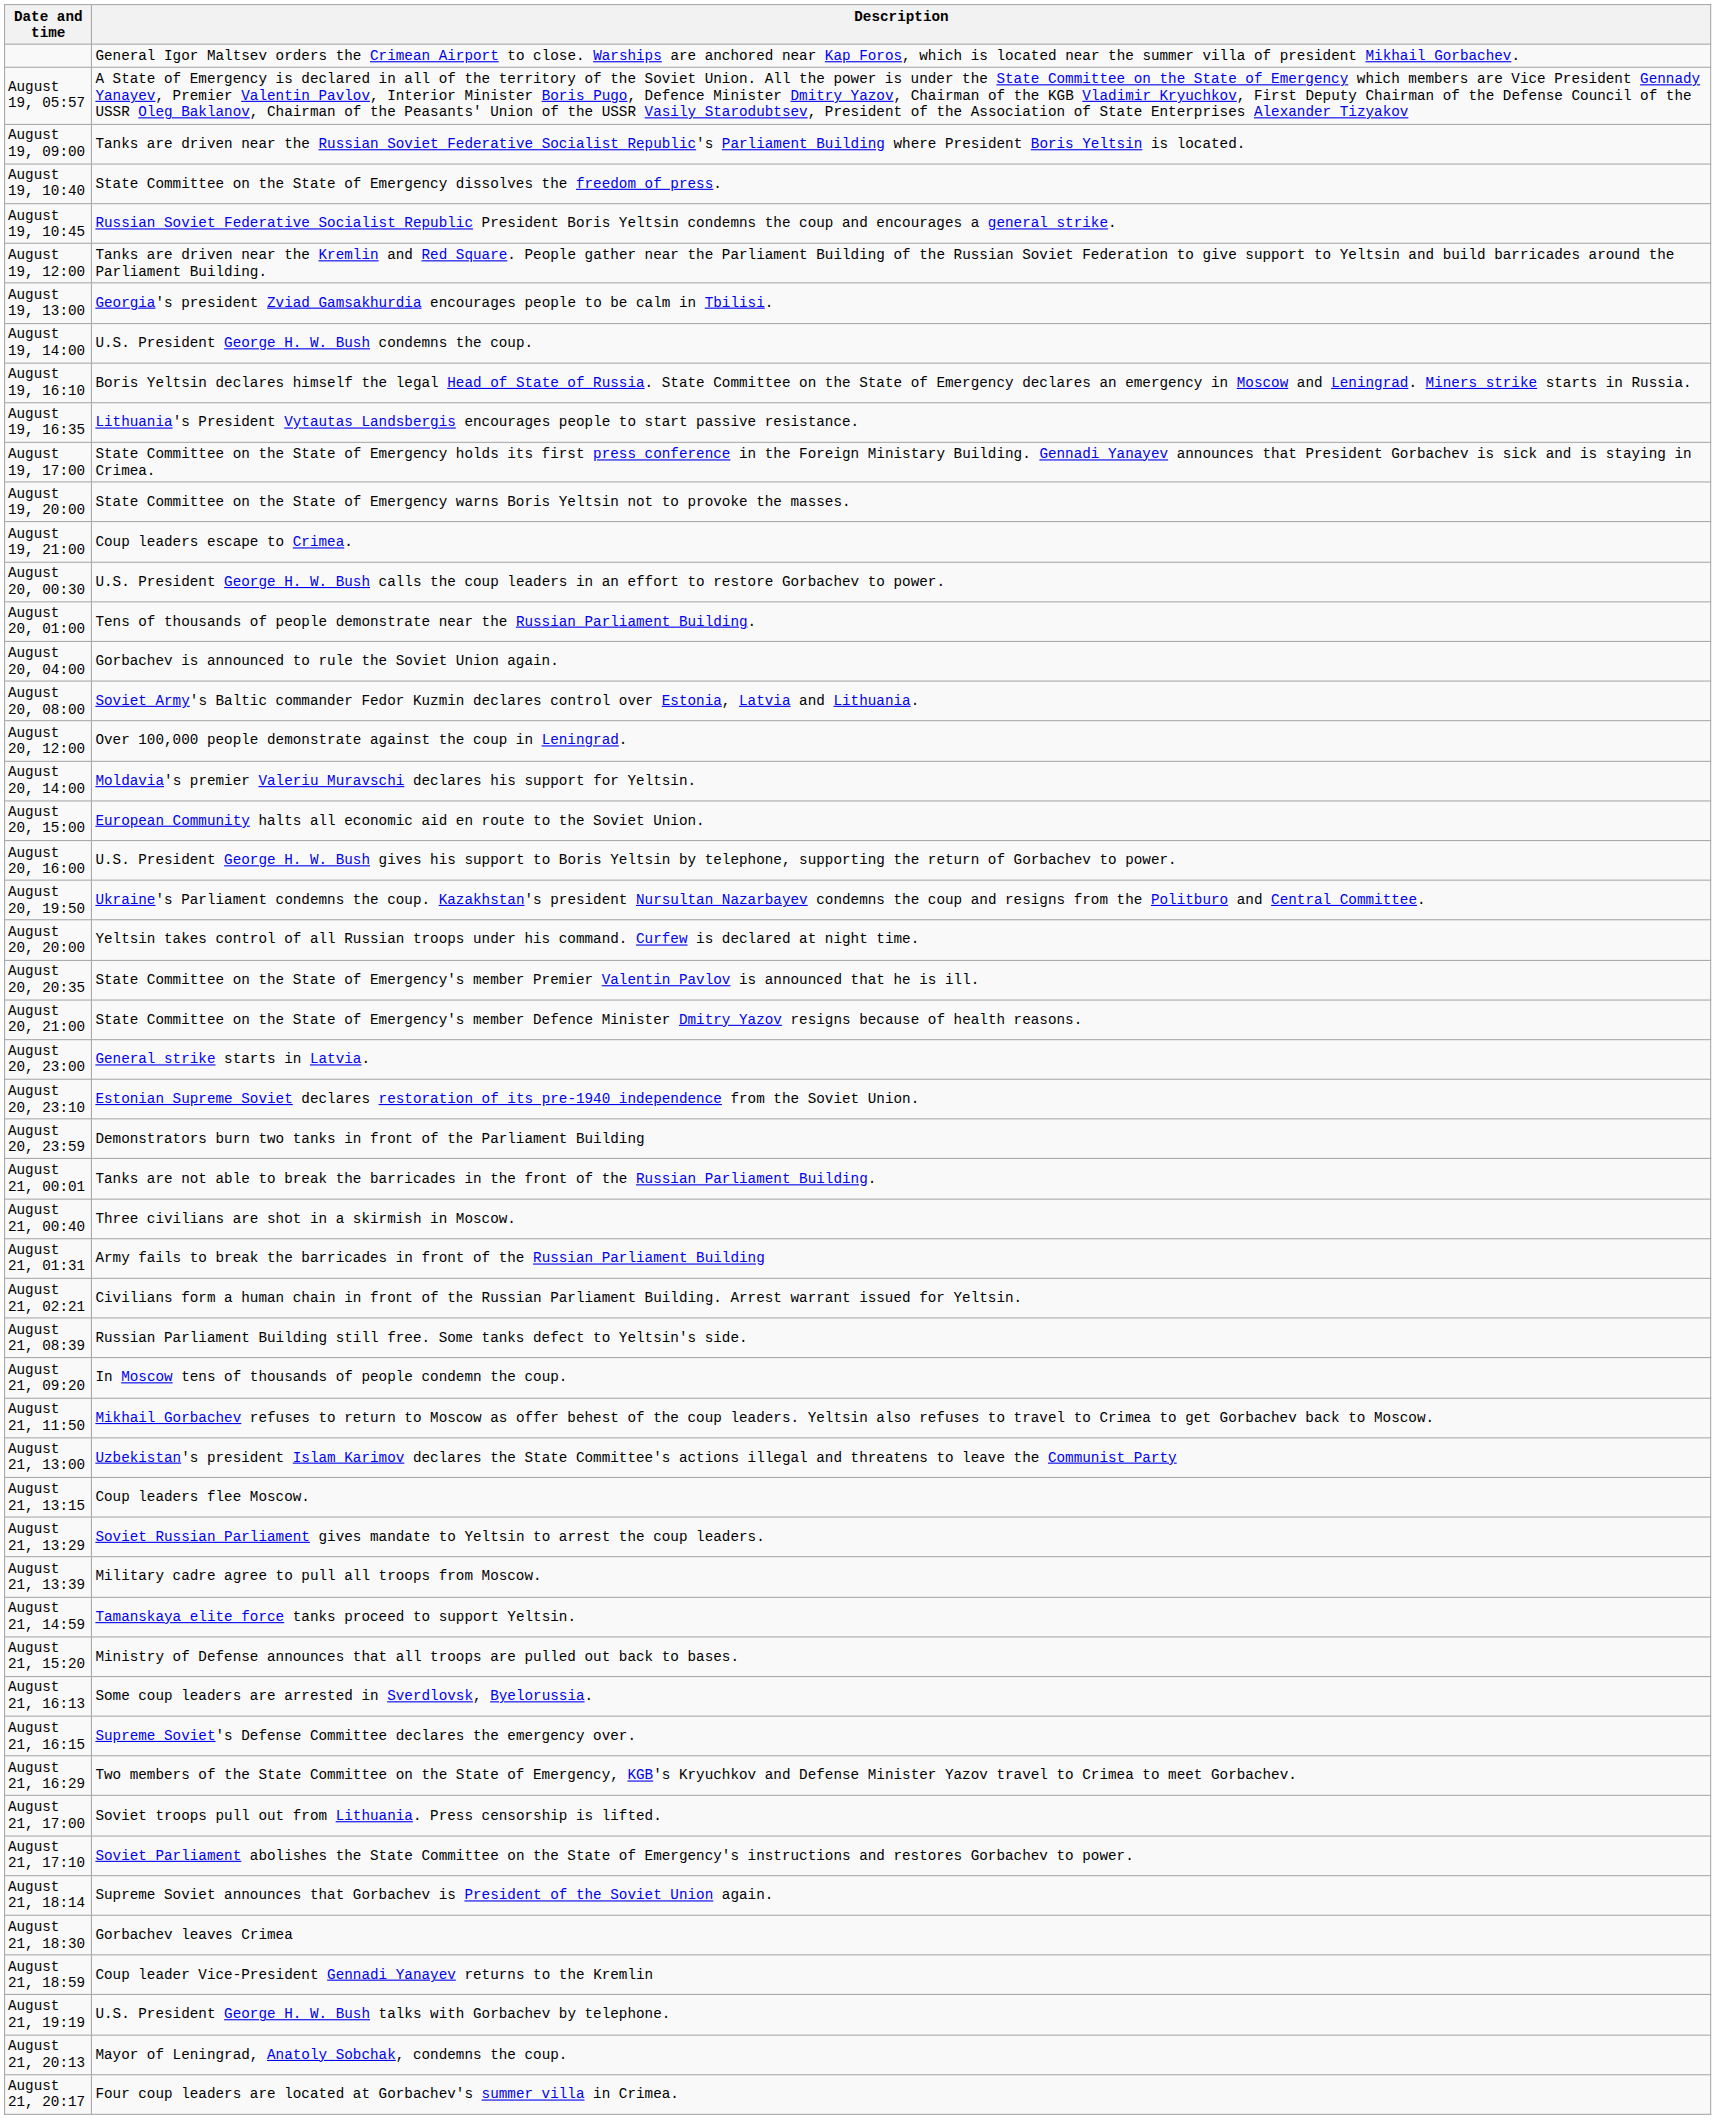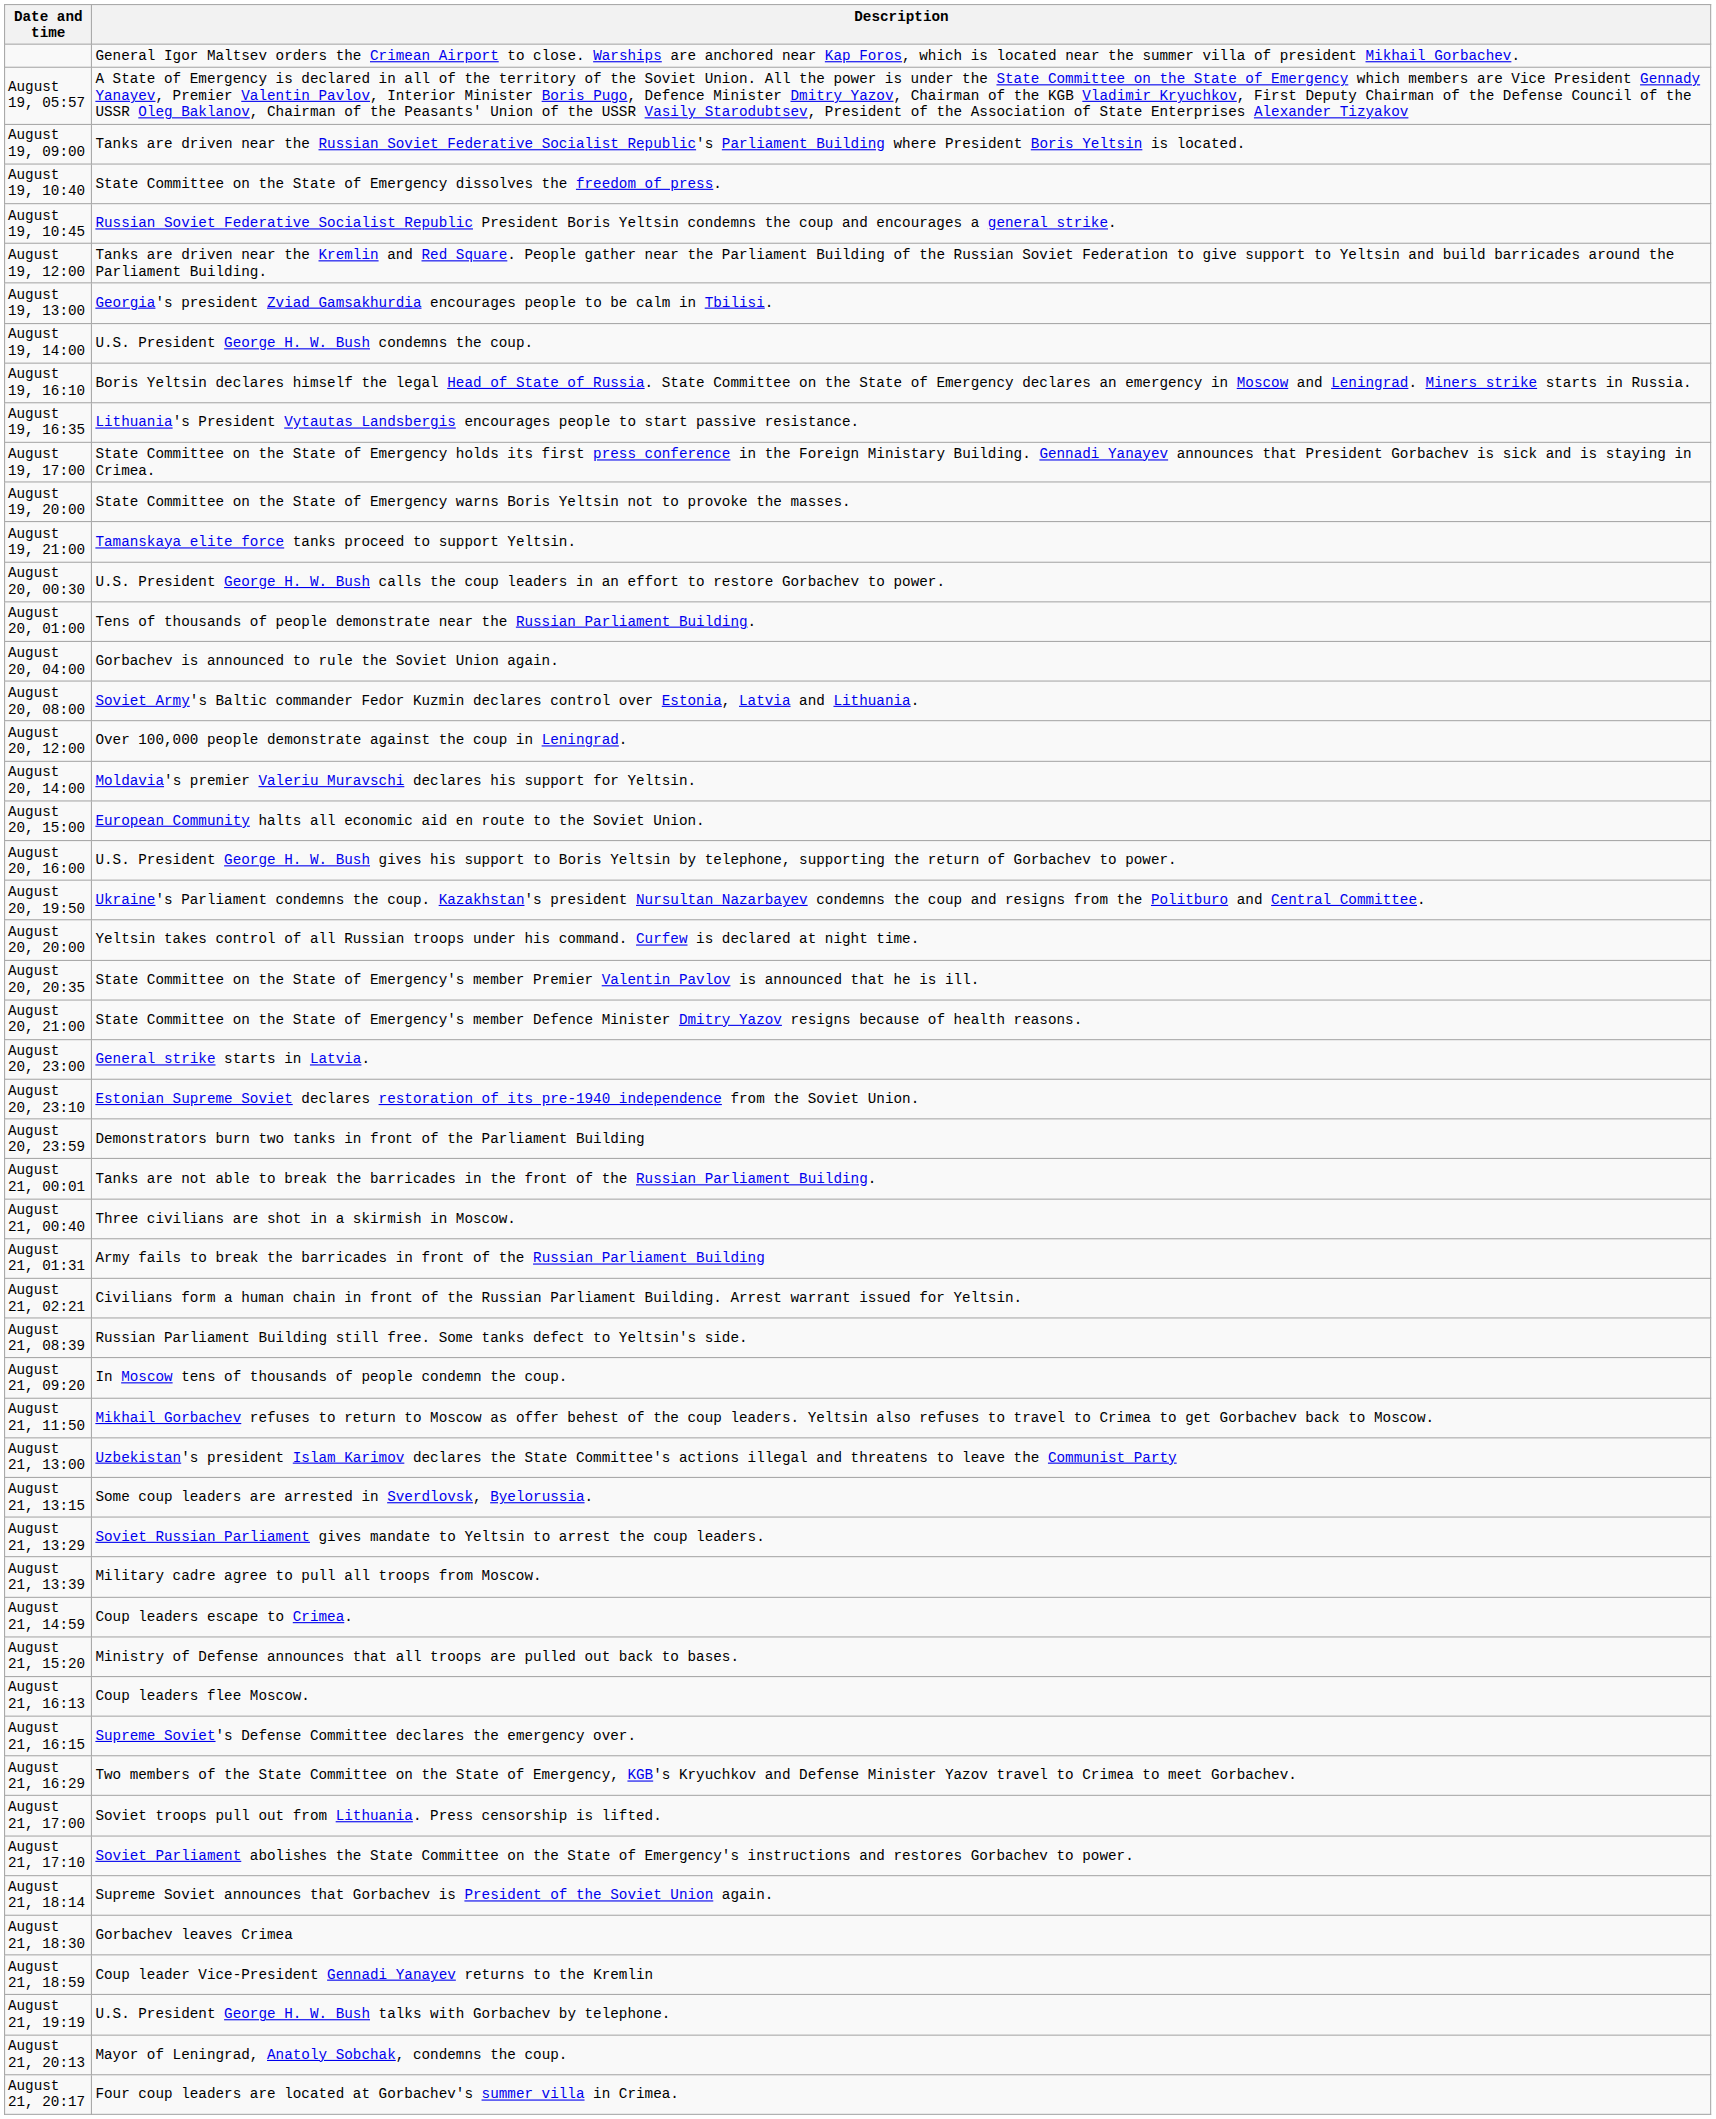 <table class="wikitable sortable" style="width:98%;">
 <tr style="vertical-align: top;">
 <th scope="col">Date and time</th>
 <th scope="col" class="unsortable">Description</th>
 </tr>
 <tr>
 <td data-sort-value="1991-08-19 04:00"></td>
 <td>General Igor Maltsev orders the <a href='#'>Crimean Airport</a> to close. <a href='#'>Warships</a> are anchored near <a href='#'>Kap Foros</a>, which is located near the summer villa of president <a href='#'>Mikhail Gorbachev</a>.</td>
 </tr>
 <tr>
 <td data-sort-value="1991-08-19 05:57">August 19, 05:57</td>
 <td>A State of Emergency is declared in all of the territory of the Soviet Union. All the power is under the <a href='#'>State Committee on the State of Emergency</a> which members are Vice President <a href='#'>Gennady Yanayev</a>, Premier <a href='#'>Valentin Pavlov</a>, Interior Minister <a href='#'>Boris Pugo</a>, Defence Minister <a href='#'>Dmitry Yazov</a>, Chairman of the KGB <a href='#'>Vladimir Kryuchkov</a>, First Deputy Chairman of the Defense Council of the USSR <a href='#'>Oleg Baklanov</a>, Chairman of the Peasants' Union of the USSR <a href='#'>Vasily Starodubtsev</a>, President of the Association of State Enterprises <a href='#'>Alexander Tizyakov</a></td>
 </tr>
 <tr>
 <td data-sort-value="1991-08-19 09:00">August 19, 09:00</td>
 <td>Tanks are driven near the <a href='#'>Russian Soviet Federative Socialist Republic</a>'s <a href='#'>Parliament Building</a> where President <a href='#'>Boris Yeltsin</a> is located.</td>
 </tr>
 <tr>
 <td data-sort-value="1991-08-19 10:40">August 19, 10:40</td>
 <td>State Committee on the State of Emergency dissolves the <a href='#'>freedom of press</a>.</td>
 </tr>
 <tr>
 <td data-sort-value="1991-08-19 10:45">August 19, 10:45</td>
 <td><a href='#'>Russian Soviet Federative Socialist Republic</a> President Boris Yeltsin condemns the coup and encourages a <a href='#'>general strike</a>.</td>
 </tr>
 <tr>
 <td data-sort-value="1991-08-19 12:00">August 19, 12:00</td>
 <td>Tanks are driven near the <a href='#'>Kremlin</a> and <a href='#'>Red Square</a>. People gather near the Parliament Building of the Russian Soviet Federation to give support to Yeltsin and build barricades around the Parliament Building.</td>
 </tr>
 <tr>
 <td data-sort-value="1991-08-19 13:00">August 19, 13:00</td>
 <td><a href='#'>Georgia</a>'s president <a href='#'>Zviad Gamsakhurdia</a> encourages people to be calm in <a href='#'>Tbilisi</a>.</td>
 </tr>
 <tr>
 <td data-sort-value="1991-08-19 14:00">August 19, 14:00</td>
 <td>U.S. President <a href='#'>George H. W. Bush</a> condemns the coup.</td>
 </tr>
 <tr>
 <td data-sort-value="1991-08-19 16:10">August 19, 16:10</td>
 <td>Boris Yeltsin declares himself the legal <a href='#'>Head of State of Russia</a>. State Committee on the State of Emergency declares an emergency in <a href='#'>Moscow</a> and <a href='#'>Leningrad</a>. <a href='#'>Miners strike</a> starts in Russia.</td>
 </tr>
 <tr>
 <td data-sort-value="1991-08-19 16:35">August 19, 16:35</td>
 <td><a href='#'>Lithuania</a>'s President <a href='#'>Vytautas Landsbergis</a> encourages people to start passive resistance.</td>
 </tr>
 <tr>
 <td data-sort-value="1991-08-19 17:00">August 19, 17:00</td>
 <td>State Committee on the State of Emergency holds its first <a href='#'>press conference</a> in the Foreign Ministary Building. <a href='#'>Gennadi Yanayev</a> announces that President Gorbachev is sick and is staying in Crimea.</td>
 </tr>
 <tr>
 <td data-sort-value="1991-08-19 20:00">August 19, 20:00</td>
 <td>State Committee on the State of Emergency warns Boris Yeltsin not to provoke the masses.</td>
 </tr>
 <tr>
 <td data-sort-value="1991-08-19 21:00">August 19, 21:00</td>
-<td>Coup leaders escape to <a href='#'>Crimea</a>.</td>
+<td><a href='#'>Tamanskaya elite force</a> tanks proceed to support Yeltsin.</td>
 </tr>
 <tr>
 <td data-sort-value="1991-08-20 00:30">August 20, 00:30</td>
 <td>U.S. President <a href='#'>George H. W. Bush</a> calls the coup leaders in an effort to restore Gorbachev to power.</td>
 </tr>
 <tr>
 <td data-sort-value="1991-08-20 01:00">August 20, 01:00</td>
 <td>Tens of thousands of people demonstrate near the <a href='#'>Russian Parliament Building</a>.</td>
 </tr>
 <tr>
 <td data-sort-value="1991-08-20 04:00">August 20, 04:00</td>
 <td>Gorbachev is announced to rule the Soviet Union again.</td>
 </tr>
 <tr>
 <td data-sort-value="1991-08-20 08:00">August 20, 08:00</td>
 <td><a href='#'>Soviet Army</a>'s Baltic commander Fedor Kuzmin declares control over <a href='#'>Estonia</a>, <a href='#'>Latvia</a> and <a href='#'>Lithuania</a>.</td>
 </tr>
 <tr>
 <td data-sort-value="1991-08-20 12:00">August 20, 12:00</td>
 <td>Over 100,000 people demonstrate against the coup in <a href='#'>Leningrad</a>.</td>
 </tr>
 <tr>
 <td data-sort-value="1991-08-20 14:00">August 20, 14:00</td>
 <td><a href='#'>Moldavia</a>'s premier <a href='#'>Valeriu Muravschi</a> declares his support for Yeltsin.</td>
 </tr>
 <tr>
 <td data-sort-value="1991-08-20 15:00">August 20, 15:00</td>
 <td><a href='#'>European Community</a> halts all economic aid en route to the Soviet Union.</td>
 </tr>
 <tr>
 <td data-sort-value="1991-08-20 16:00">August 20, 16:00</td>
 <td>U.S. President <a href='#'>George H. W. Bush</a> gives his support to Boris Yeltsin by telephone, supporting the return of Gorbachev to power.</td>
 </tr>
 <tr>
 <td data-sort-value="1991-08-20 19:50">August 20, 19:50</td>
 <td><a href='#'>Ukraine</a>'s Parliament condemns the coup. <a href='#'>Kazakhstan</a>'s president <a href='#'>Nursultan Nazarbayev</a> condemns the coup and resigns from the <a href='#'>Politburo</a> and <a href='#'>Central Committee</a>.</td>
 </tr>
 <tr>
 <td data-sort-value="1991-08-20 20:00">August 20, 20:00</td>
 <td>Yeltsin takes control of all Russian troops under his command. <a href='#'>Curfew</a> is declared at night time.</td>
 </tr>
 <tr>
 <td data-sort-value="1991-08-20 20:35">August 20, 20:35</td>
 <td>State Committee on the State of Emergency's member Premier <a href='#'>Valentin Pavlov</a> is announced that he is ill.</td>
 </tr>
 <tr>
 <td data-sort-value="1991-08-20 21:00">August 20, 21:00</td>
 <td>State Committee on the State of Emergency's member Defence Minister <a href='#'>Dmitry Yazov</a> resigns because of health reasons.</td>
 </tr>
 <tr>
 <td data-sort-value="1991-08-20 23:00">August 20, 23:00</td>
 <td><a href='#'>General strike</a> starts in <a href='#'>Latvia</a>.</td>
 </tr>
 <tr>
 <td data-sort-value="1991-08-20 23:10">August 20, 23:10</td>
 <td><a href='#'>Estonian Supreme Soviet</a> declares <a href='#'>restoration of its pre-1940 independence</a> from the Soviet Union.</td>
 </tr>
 <tr>
 <td data-sort-value="1991-08-20 23:59">August 20, 23:59</td>
 <td>Demonstrators burn two tanks in front of the Parliament Building</td>
 </tr>
 <tr>
 <td data-sort-value="1991-08-21 00:01">August 21, 00:01</td>
 <td>Tanks are not able to break the barricades in the front of the <a href='#'>Russian Parliament Building</a>.</td>
 </tr>
 <tr>
 <td data-sort-value="1991-08-21 00:40">August 21, 00:40</td>
 <td>Three civilians are shot in a skirmish in Moscow.</td>
 </tr>
 <tr>
 <td data-sort-value="1991-08-21 01:31">August 21, 01:31</td>
 <td>Army fails to break the barricades in front of the <a href='#'>Russian Parliament Building</a></td>
 </tr>
 <tr>
 <td data-sort-value="1991-08-21 02:21">August 21, 02:21</td>
 <td>Civilians form a human chain in front of the Russian Parliament Building. Arrest warrant issued for Yeltsin.</td>
 </tr>
 <tr>
 <td data-sort-value="1991-08-21 08:39">August 21, 08:39</td>
 <td>Russian Parliament Building still free. Some tanks defect to Yeltsin's side.</td>
 </tr>
 <tr>
 <td data-sort-value="1991-08-21 09:20">August 21, 09:20</td>
 <td>In <a href='#'>Moscow</a> tens of thousands of people condemn the coup.</td>
 </tr>
 <tr>
 <td data-sort-value="1991-08-21 11:50">August 21, 11:50</td>
 <td><a href='#'>Mikhail Gorbachev</a> refuses to return to Moscow as offer behest of the coup leaders. Yeltsin also refuses to travel to Crimea to get Gorbachev back to Moscow.</td>
 </tr>
 <tr>
 <td data-sort-value="1991-08-21 13:00">August 21, 13:00</td>
 <td><a href='#'>Uzbekistan</a>'s president <a href='#'>Islam Karimov</a> declares the State Committee's actions illegal and threatens to leave the <a href='#'>Communist Party</a></td>
 </tr>
 <tr>
 <td data-sort-value="1991-08-21 13:15">August 21, 13:15</td>
-<td>Coup leaders flee Moscow.</td>
+<td>Some coup leaders are arrested in <a href='#'>Sverdlovsk</a>, <a href='#'>Byelorussia</a>.</td>
 </tr>
 <tr>
 <td data-sort-value="1991-08-21 13:29">August 21, 13:29</td>
 <td><a href='#'>Soviet Russian Parliament</a> gives mandate to Yeltsin to arrest the coup leaders.</td>
 </tr>
 <tr>
 <td data-sort-value="1991-08-21 13:39">August 21, 13:39</td>
 <td>Military cadre agree to pull all troops from Moscow.</td>
 </tr>
 <tr>
 <td data-sort-value="1991-08-21 14:59">August 21, 14:59</td>
-<td><a href='#'>Tamanskaya elite force</a> tanks proceed to support Yeltsin.</td>
+<td>Coup leaders escape to <a href='#'>Crimea</a>.</td>
 </tr>
 <tr>
 <td data-sort-value="1991-08-21 15:20">August 21, 15:20</td>
 <td>Ministry of Defense announces that all troops are pulled out back to bases.</td>
 </tr>
 <tr>
 <td data-sort-value="1991-08-21 16:13">August 21, 16:13</td>
-<td>Some coup leaders are arrested in <a href='#'>Sverdlovsk</a>, <a href='#'>Byelorussia</a>.</td>
+<td>Coup leaders flee Moscow.</td>
 </tr>
 <tr>
 <td data-sort-value="1991-08-21 16:15">August 21, 16:15</td>
 <td><a href='#'>Supreme Soviet</a>'s Defense Committee declares the emergency over.</td>
 </tr>
 <tr>
 <td data-sort-value="1991-08-21 16:29">August 21, 16:29</td>
 <td>Two members of the State Committee on the State of Emergency, <a href='#'>KGB</a>'s Kryuchkov and Defense Minister Yazov travel to Crimea to meet Gorbachev.</td>
 </tr>
 <tr>
 <td data-sort-value="1991-08-21 17:00">August 21, 17:00</td>
 <td>Soviet troops pull out from <a href='#'>Lithuania</a>. Press censorship is lifted.</td>
 </tr>
 <tr>
 <td data-sort-value="1991-08-21 17:10">August 21, 17:10</td>
 <td><a href='#'>Soviet Parliament</a> abolishes the State Committee on the State of Emergency's instructions and restores Gorbachev to power.</td>
 </tr>
 <tr>
 <td data-sort-value="1991-08-21 18:14">August 21, 18:14</td>
 <td>Supreme Soviet announces that Gorbachev is <a href='#'>President of the Soviet Union</a> again.</td>
 </tr>
 <tr>
 <td data-sort-value="1991-08-21 18:30">August 21, 18:30</td>
 <td>Gorbachev leaves Crimea</td>
 </tr>
 <tr>
 <td data-sort-value="1991-08-21 18:59">August 21, 18:59</td>
 <td>Coup leader Vice-President <a href='#'>Gennadi Yanayev</a> returns to the Kremlin</td>
 </tr>
 <tr>
 <td data-sort-value="1991-08-21 19:19">August 21, 19:19</td>
 <td>U.S. President <a href='#'>George H. W. Bush</a>  talks with Gorbachev by telephone.</td>
 </tr>
 <tr>
 <td data-sort-value="1991-08-21 20:13">August 21, 20:13</td>
 <td>Mayor of Leningrad, <a href='#'>Anatoly Sobchak</a>, condemns the coup.</td>
 </tr>
 <tr>
 <td data-sort-value="1991-08-21 20:17">August 21, 20:17</td>
 <td>Four coup leaders are located at Gorbachev's <a href='#'>summer villa</a> in Crimea.</td>
 </tr>
 </table>
